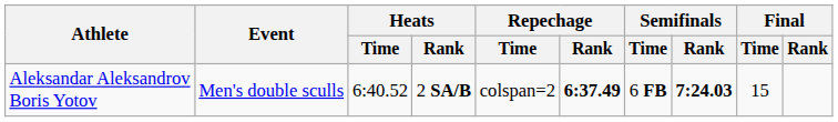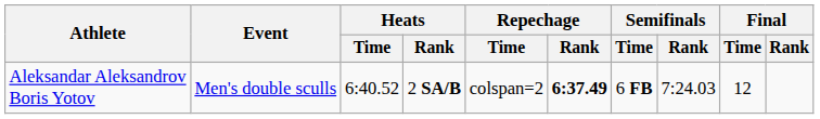 <table class="wikitable" style="font-size:90%">
 <tr>
 <th rowspan="2">Athlete</th>
 <th rowspan="2">Event</th>
 <th colspan="2">Heats</th>
 <th colspan="2">Repechage</th>
 <th colspan="2">Semifinals</th>
 <th colspan="2">Final</th>
 </tr>
 <tr style="font-size:95%">
 <th>Time</th>
 <th>Rank</th>
 <th>Time</th>
 <th>Rank</th>
 <th>Time</th>
 <th>Rank</th>
 <th>Time</th>
 <th>Rank</th>
 </tr>
 <tr align=center>
 <td align=left><a href='#'>Aleksandar Aleksandrov</a><br><a href='#'>Boris Yotov</a></td>
 <td align=left><a href='#'>Men's double sculls</a></td>
 <td>6:40.52</td>
 <td>2 <strong>SA/B</strong></td>
 <td>colspan=2 </td>
 <td><strong>6:37.49</strong></td>
 <td>6 <strong>FB</strong></td>
-<td><strong>7:24.03</strong></td>
-<td>15</td>
+<td>7:24.03</td>
+<td>12</td>
 </tr>
 </table>
